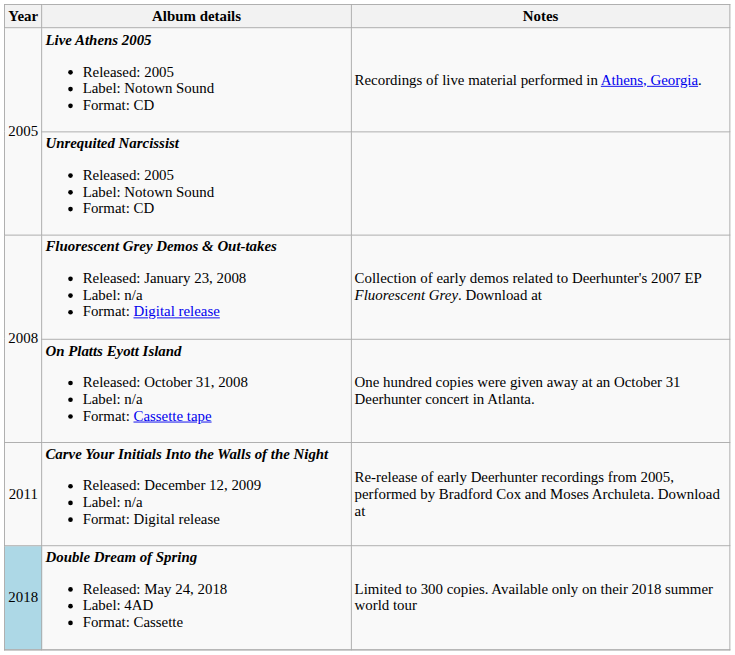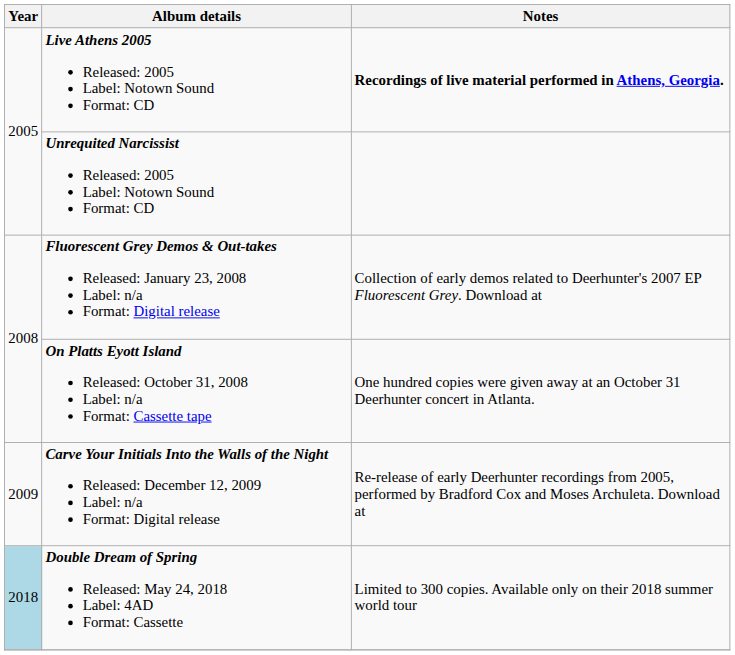 <table class="wikitable">
 <tr>
 <th width="33">Year</th>
 <th style="width:325px;">Album details</th>
 <th style="width:400px;">Notes</th>
 </tr>
 <tr>
 <td style="text-align:center;" rowspan="2">2005</td>
 <td><strong><em>Live Athens 2005</em></strong><br><ul><li>Released: 2005</li><li>Label: Notown Sound</li><li>Format: CD</li></ul></td>
-<td>Recordings of live material performed in <a href='#'>Athens, Georgia</a>.</td>
+<td><strong>Recordings of live material performed in <a href='#'>Athens, Georgia</a>.</strong></td>
 </tr>
 <tr>
 <td><strong><em>Unrequited Narcissist</em></strong><br><ul><li>Released: 2005</li><li>Label: Notown Sound</li><li>Format: CD</li></ul></td>
 <td></td>
 </tr>
 <tr>
 <td style="text-align:center;" rowspan="2">2008</td>
 <td><strong><em>Fluorescent Grey Demos & Out-takes</em></strong><br><ul><li>Released: January 23, 2008</li><li>Label: n/a</li><li>Format: <a href='#'>Digital release</a></li></ul></td>
 <td>Collection of early demos related to Deerhunter's 2007 EP <em>Fluorescent Grey</em>. Download at </td>
 </tr>
 <tr>
 <td><strong><em>On Platts Eyott Island</em></strong><br><ul><li>Released: October 31, 2008</li><li>Label: n/a</li><li>Format: <a href='#'>Cassette tape</a></li></ul></td>
 <td>One hundred copies were given away at an October 31 Deerhunter concert in Atlanta.</td>
 </tr>
 <tr>
-<td style="text-align:center;">2011</td>
+<td style="text-align:center;">2009</td>
 <td><strong><em>Carve Your Initials Into the Walls of the Night</em></strong><br><ul><li>Released: December 12, 2009</li><li>Label: n/a</li><li>Format: Digital release</li></ul></td>
 <td>Re-release of early Deerhunter recordings from 2005, performed by Bradford Cox and Moses Archuleta. Download at </td>
 </tr>
 <tr>
 <td style="background: lightblue; text-align:center;">2018</td>
 <td><strong><em>Double Dream of Spring</em></strong><br><ul><li>Released: May 24, 2018</li><li>Label: 4AD</li><li>Format: Cassette</li></ul></td>
 <td>Limited to 300 copies. Available only on their 2018 summer world tour</td>
 </tr>
 <tr>
 </tr>
 </table>
